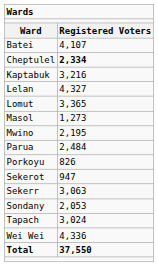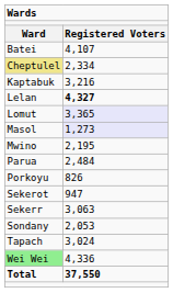 <table class="wikitable">
 <tr>
 <td colspan="2"><strong>Wards</strong></td>
 </tr>
 <tr>
 <td colspan="2"></td>
 </tr>
 <tr>
 <th>Ward</th>
 <th>Registered Voters</th>
 </tr>
 <tr>
 <td>Batei</td>
 <td>4,107</td>
 </tr>
 <tr>
-<td>Cheptulel</td>
-<td><strong>2,334</strong></td>
+<td style="background: khaki;">Cheptulel</td>
+<td>2,334</td>
 </tr>
 <tr>
 <td>Kaptabuk</td>
 <td>3,216</td>
 </tr>
 <tr>
 <td>Lelan</td>
-<td>4,327</td>
+<td><strong>4,327</strong></td>
 </tr>
 <tr>
 <td>Lomut</td>
-<td>3,365</td>
+<td style="background: lavender;">3,365</td>
 </tr>
 <tr>
 <td>Masol</td>
-<td>1,273</td>
+<td style="background: lavender;">1,273</td>
 </tr>
 <tr>
 <td>Mwino</td>
 <td>2,195</td>
 </tr>
 <tr>
 <td>Parua</td>
 <td>2,484</td>
 </tr>
 <tr>
 <td>Porkoyu</td>
 <td>826</td>
 </tr>
 <tr>
 <td>Sekerot</td>
 <td>947</td>
 </tr>
 <tr>
 <td>Sekerr</td>
 <td>3,063</td>
 </tr>
 <tr>
 <td>Sondany</td>
 <td>2,053</td>
 </tr>
 <tr>
 <td>Tapach</td>
 <td>3,024</td>
 </tr>
 <tr>
-<td>Wei Wei</td>
+<td style="background: lightgreen;">Wei Wei</td>
 <td>4,336</td>
 </tr>
 <tr>
 <td><strong>Total</strong></td>
 <td><strong>37,550</strong></td>
 </tr>
 <tr>
 <td colspan="2"></td>
 </tr>
 </table>
